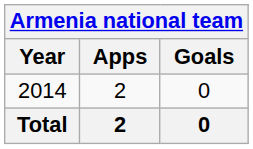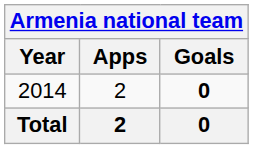 <table class="wikitable" style="text-align:center">
 <tr>
 <th colspan=3><a href='#'>Armenia national team</a></th>
 </tr>
 <tr>
 <th>Year</th>
 <th>Apps</th>
 <th>Goals</th>
 </tr>
 <tr>
 <td>2014</td>
 <td>2</td>
-<td>0</td>
+<td><strong>0</strong></td>
 </tr>
 <tr>
 <th>Total</th>
 <th>2</th>
 <th>0</th>
 </tr>
 </table>
